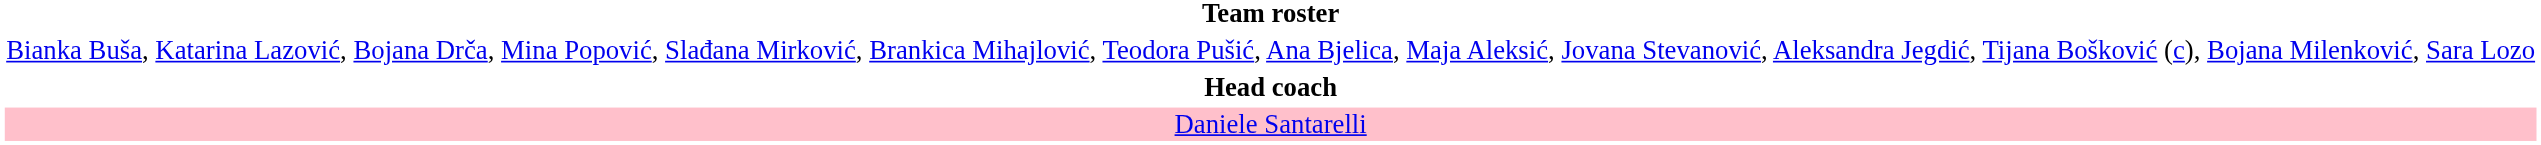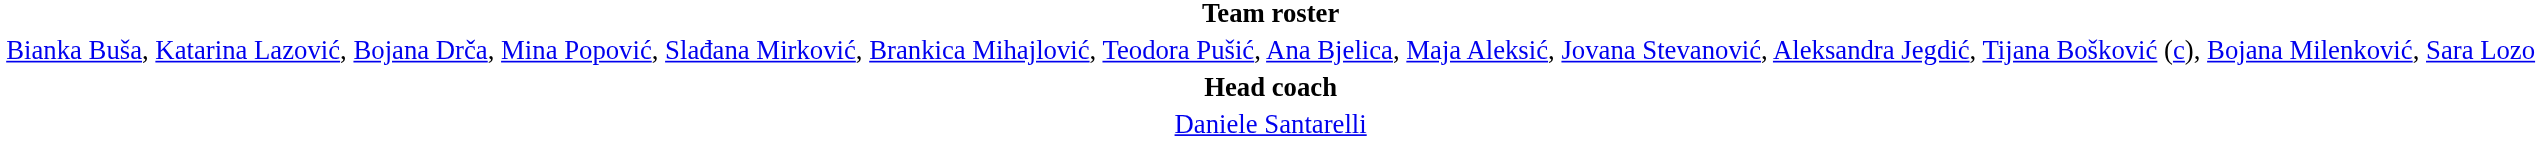 <table style="text-align: center; margin-top: 2em; margin-left: auto; margin-right: auto">
 <tr>
 <td><strong>Team roster</strong></td>
 </tr>
 <tr>
 <td><a href='#'>Bianka Buša</a>, <a href='#'>Katarina Lazović</a>, <a href='#'>Bojana Drča</a>, <a href='#'>Mina Popović</a>, <a href='#'>Slađana Mirković</a>, <a href='#'>Brankica Mihajlović</a>, <a href='#'>Teodora Pušić</a>, <a href='#'>Ana Bjelica</a>, <a href='#'>Maja Aleksić</a>, <a href='#'>Jovana Stevanović</a>, <a href='#'>Aleksandra Jegdić</a>, <a href='#'>Tijana Bošković</a> (<a href='#'>c</a>), <a href='#'>Bojana Milenković</a>, <a href='#'>Sara Lozo</a></td>
 </tr>
 <tr>
 <td><strong>Head coach</strong></td>
 </tr>
 <tr>
-<td style="background: pink;"><a href='#'>Daniele Santarelli</a></td>
+<td><a href='#'>Daniele Santarelli</a></td>
 </tr>
 <tr>
 </tr>
 </table>
